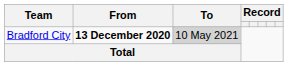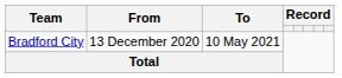 <table class="wikitable" style="text-align: center">
 <tr>
 <th rowspan="2">Team</th>
 <th rowspan="2">From</th>
 <th rowspan="2">To</th>
 <th colspan="8">Record</th>
 </tr>
 <tr>
 <th></th>
 <th></th>
 <th></th>
 <th></th>
 <th></th>
 </tr>
 <tr>
 <td align="left"><a href='#'>Bradford City</a></td>
-<td align=left><strong>13 December 2020</strong></td>
-<td align=left style="background: lightgrey;">10 May 2021<br></td>
+<td align=left>13 December 2020</td>
+<td align=left>10 May 2021<br></td>
 </tr>
 <tr>
 <th colspan=3>Total<br></th>
 </tr>
 </table>
